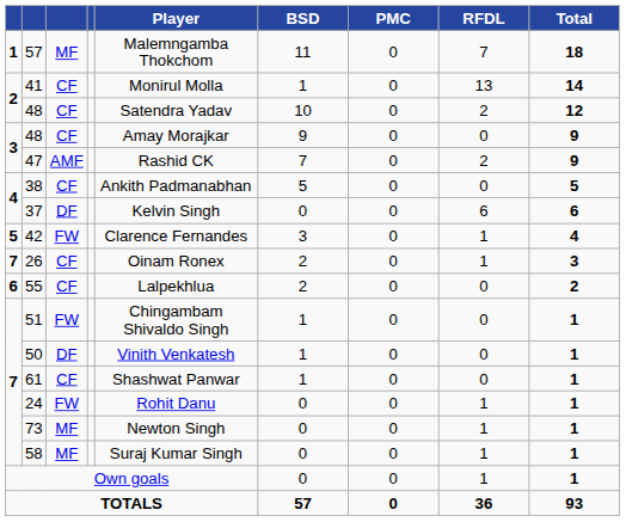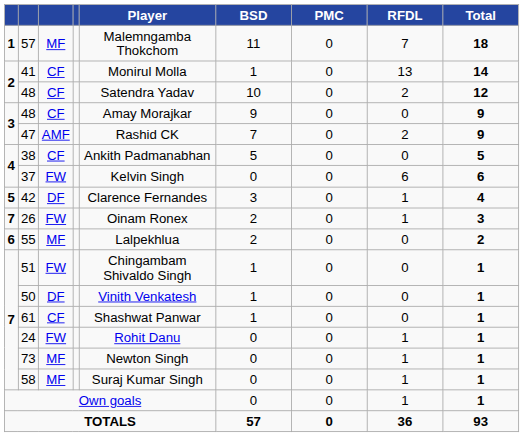 <table class="wikitable" style="font-size: 95%; text-align: center;">
 <tr>
 <th rowspan="1" !width=15 style="background:#2545A0; color:#FFFFFF; "></th>
 <th rowspan="1" !width=15 style="background:#2545A0; color:#FFFFFF; "></th>
 <th rowspan="1" !width=15 style="background:#2545A0; color:#FFFFFF; "></th>
 <th rowspan="1" !width=15 style="background:#2545A0; color:#FFFFFF; "></th>
 <th width=150 style="background:#2545A0; color:#FFFFFF; ">Player</th>
 <th width=80 style="background:#2545A0; color:#FFFFFF; ">BSD</th>
 <th width=80 style="background:#2545A0; color:#FFFFFF; ">PMC</th>
 <th width=80 style="background:#2545A0; color:#FFFFFF; ">RFDL</th>
 <th width=80 style="background:#2545A0; color:#FFFFFF; ">Total</th>
 </tr>
 <tr>
 <td><strong>1</strong></td>
 <td>57</td>
 <td><a href='#'>MF</a></td>
 <td></td>
 <td>Malemngamba Thokchom</td>
 <td>11</td>
 <td>0</td>
 <td>7</td>
 <td><strong>18</strong></td>
 </tr>
 <tr>
 <td rowspan=2><strong>2</strong></td>
 <td>41</td>
 <td><a href='#'>CF</a></td>
 <td></td>
 <td>Monirul Molla</td>
 <td>1</td>
 <td>0</td>
 <td>13</td>
 <td><strong>14</strong></td>
 </tr>
 <tr>
 <td>48</td>
 <td><a href='#'>CF</a></td>
 <td></td>
 <td>Satendra Yadav</td>
 <td>10</td>
 <td>0</td>
 <td>2</td>
 <td><strong>12</strong></td>
 </tr>
 <tr>
 <td rowspan=2><strong>3</strong></td>
 <td>48</td>
 <td><a href='#'>CF</a></td>
 <td></td>
 <td>Amay Morajkar</td>
 <td>9</td>
 <td>0</td>
 <td>0</td>
 <td><strong>9</strong></td>
 </tr>
 <tr>
 <td>47</td>
 <td><a href='#'>AMF</a></td>
 <td></td>
 <td>Rashid CK</td>
 <td>7</td>
 <td>0</td>
 <td>2</td>
 <td><strong>9</strong></td>
 </tr>
 <tr>
 <td rowspan=2><strong>4</strong></td>
 <td>38</td>
 <td><a href='#'>CF</a></td>
 <td></td>
 <td>Ankith Padmanabhan</td>
 <td>5</td>
 <td>0</td>
 <td>0</td>
 <td><strong>5</strong></td>
 </tr>
 <tr>
 <td>37</td>
-<td><a href='#'>DF</a></td>
+<td><a href='#'>FW</a></td>
 <td></td>
 <td>Kelvin Singh</td>
 <td>0</td>
 <td>0</td>
 <td>6</td>
 <td><strong>6</strong></td>
 </tr>
 <tr>
 <td><strong>5</strong></td>
 <td>42</td>
-<td><a href='#'>FW</a></td>
+<td><a href='#'>DF</a></td>
 <td></td>
 <td>Clarence Fernandes</td>
 <td>3</td>
 <td>0</td>
 <td>1</td>
 <td><strong>4</strong></td>
 </tr>
 <tr>
 <td><strong>7</strong></td>
 <td>26</td>
-<td><a href='#'>CF</a></td>
+<td><a href='#'>FW</a></td>
 <td></td>
 <td>Oinam Ronex</td>
 <td>2</td>
 <td>0</td>
 <td>1</td>
 <td><strong>3</strong></td>
 </tr>
 <tr>
 <td><strong>6</strong></td>
 <td>55</td>
-<td><a href='#'>CF</a></td>
+<td><a href='#'>MF</a></td>
 <td></td>
 <td>Lalpekhlua</td>
 <td>2</td>
 <td>0</td>
 <td>0</td>
 <td><strong>2</strong></td>
 </tr>
 <tr>
 <td rowspan=6><strong>7</strong></td>
 <td>51</td>
 <td><a href='#'>FW</a></td>
 <td></td>
 <td>Chingambam Shivaldo Singh</td>
 <td>1</td>
 <td>0</td>
 <td>0</td>
 <td><strong>1</strong></td>
 </tr>
 <tr>
 <td>50</td>
 <td><a href='#'>DF</a></td>
 <td></td>
 <td><a href='#'>Vinith Venkatesh</a></td>
 <td>1</td>
 <td>0</td>
 <td>0</td>
 <td><strong>1</strong></td>
 </tr>
 <tr>
 <td>61</td>
 <td><a href='#'>CF</a></td>
 <td></td>
 <td>Shashwat Panwar</td>
 <td>1</td>
 <td>0</td>
 <td>0</td>
 <td><strong>1</strong></td>
 </tr>
 <tr>
 <td>24</td>
 <td><a href='#'>FW</a></td>
 <td></td>
 <td><a href='#'>Rohit Danu</a></td>
 <td>0</td>
 <td>0</td>
 <td>1</td>
 <td><strong>1</strong></td>
 </tr>
 <tr>
 <td>73</td>
 <td><a href='#'>MF</a></td>
 <td></td>
 <td>Newton Singh</td>
 <td>0</td>
 <td>0</td>
 <td>1</td>
 <td><strong>1</strong></td>
 </tr>
 <tr>
 <td>58</td>
 <td><a href='#'>MF</a></td>
 <td></td>
 <td>Suraj Kumar Singh</td>
 <td>0</td>
 <td>0</td>
 <td>1</td>
 <td><strong>1</strong></td>
 </tr>
 <tr>
 <td colspan=5><a href='#'>Own goals</a></td>
 <td>0</td>
 <td>0</td>
 <td>1</td>
 <td><strong>1</strong></td>
 </tr>
 <tr>
 <td colspan="5"><strong>TOTALS</strong></td>
 <td><strong>57</strong></td>
 <td><strong>0</strong></td>
 <td><strong>36</strong></td>
 <td><strong>93</strong></td>
 </tr>
 </table>
